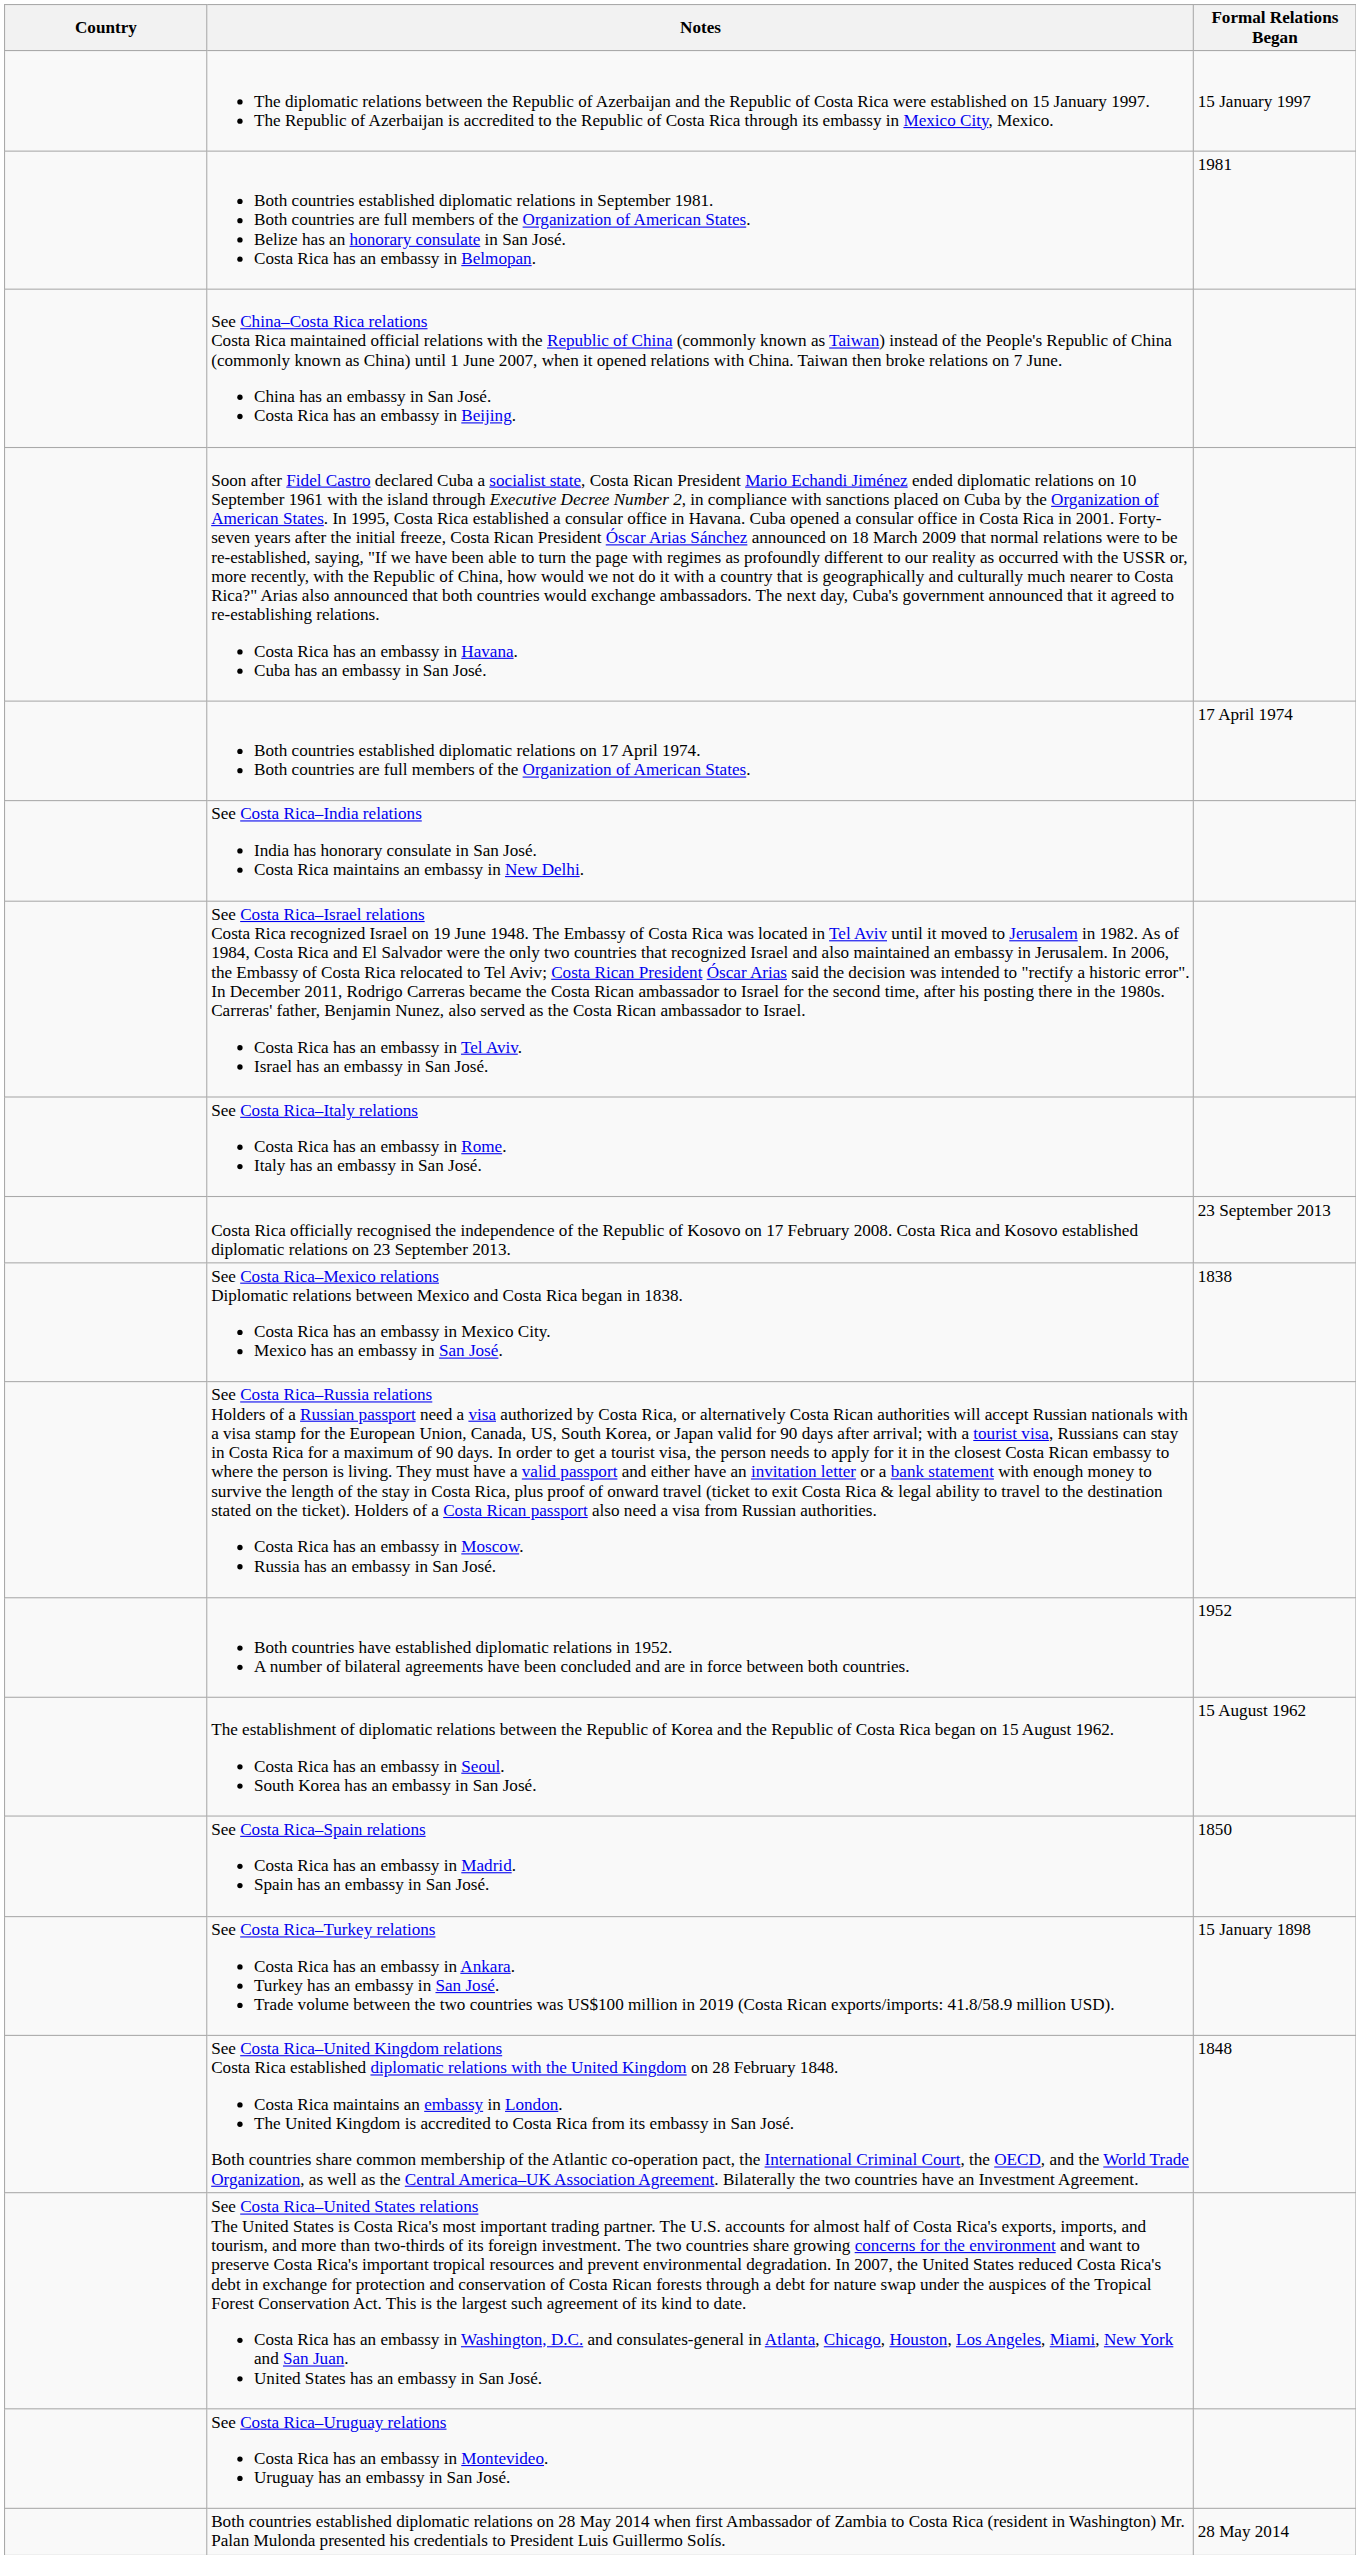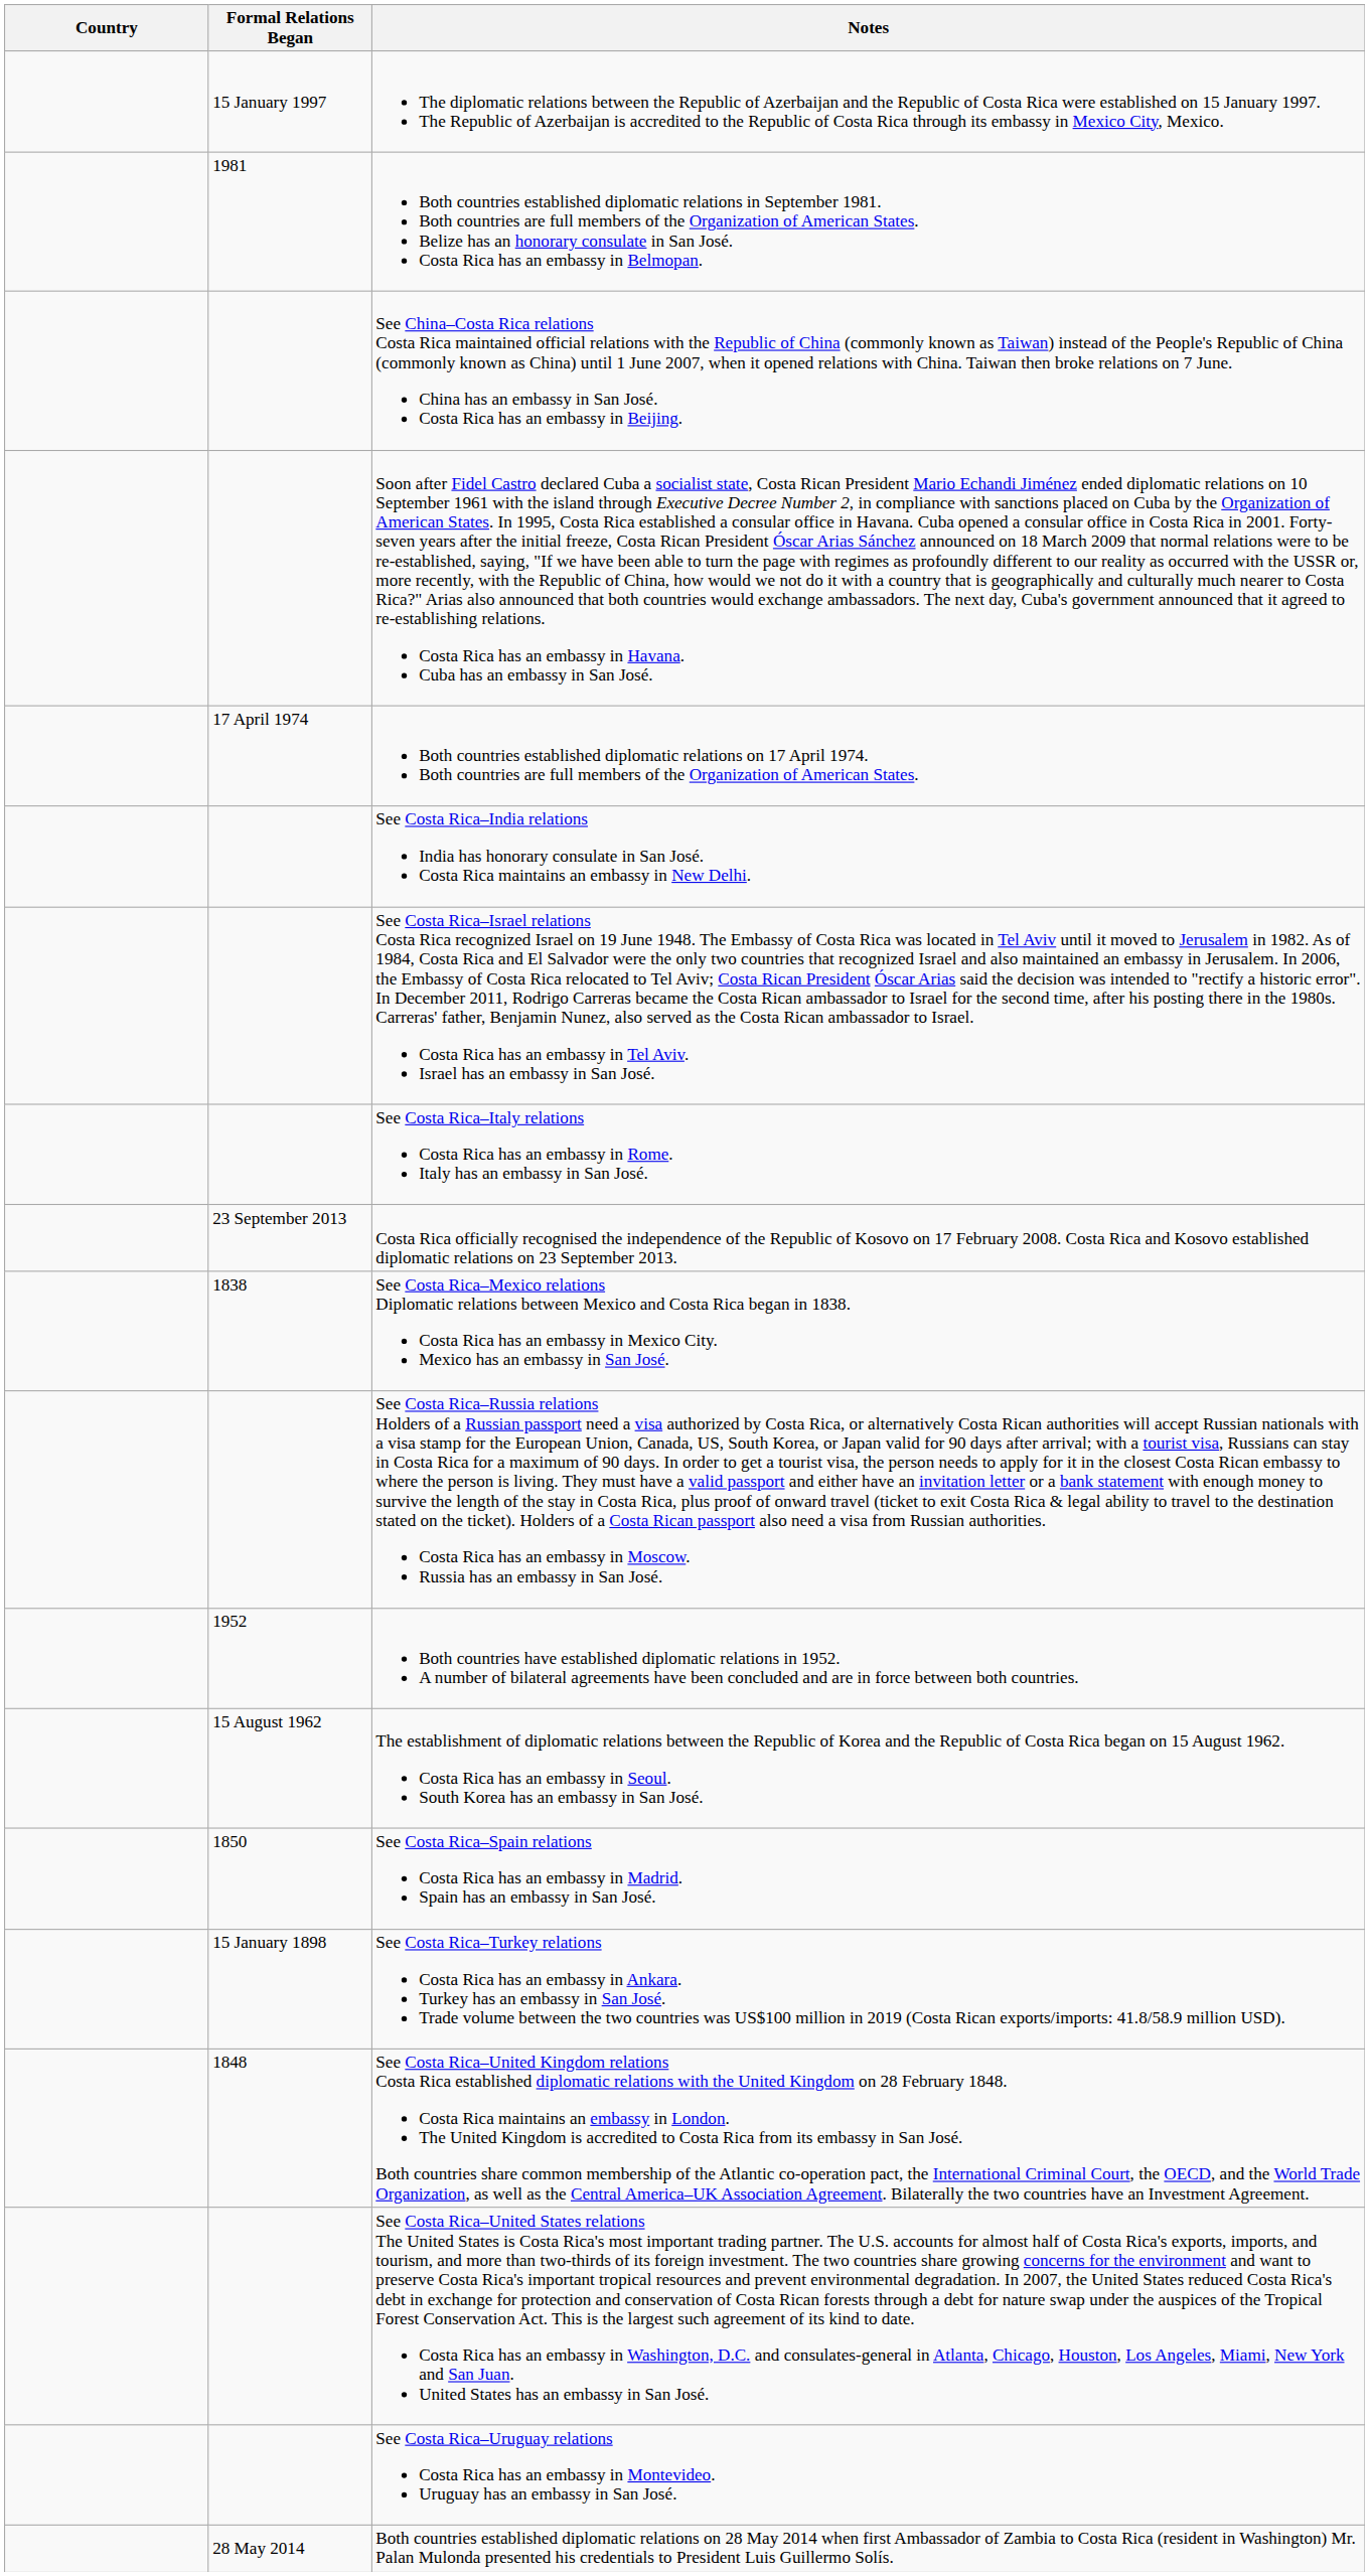 <table class="wikitable sortable" style="width:100%; margin:auto;">
 <tr>
 <th style="width:15%;">Country</th>
+<th style="width:12%;">Formal Relations Began</th>
 <th>Notes</th>
-<th style="width:12%;">Formal Relations Began</th>
 </tr>
 <tr>
 <td></td>
+<td>15 January 1997</td>
 <td><br><ul><li>The diplomatic relations between the Republic of Azerbaijan and the Republic of Costa Rica were established on 15 January 1997.</li><li>The Republic of Azerbaijan is accredited to the Republic of Costa Rica through its embassy in <a href='#'>Mexico City</a>, Mexico.</li></ul></td>
-<td>15 January 1997</td>
 </tr>
 <tr valign="top">
 <td></td>
+<td>1981</td>
 <td><br><ul><li>Both countries established diplomatic relations in September 1981.</li><li>Both countries are full members of the <a href='#'>Organization of American States</a>.</li><li>Belize has an <a href='#'>honorary consulate</a> in San José.</li><li>Costa Rica has an embassy in <a href='#'>Belmopan</a>.</li></ul></td>
-<td>1981</td>
 </tr>
 <tr valign="top">
 <td></td>
+<td></td>
 <td><br>See <a href='#'>China–Costa Rica relations</a><br>Costa Rica maintained official relations with the <a href='#'>Republic of China</a> (commonly known as <a href='#'>Taiwan</a>) instead of the People's Republic of China (commonly known as China) until 1 June 2007, when it opened relations with China. Taiwan then broke relations on 7 June.<ul><li>China has an embassy in San José.</li><li>Costa Rica has an embassy in <a href='#'>Beijing</a>.</li></ul></td>
-<td></td>
 </tr>
 <tr valign="top">
 <td></td>
+<td></td>
 <td><br>Soon after <a href='#'>Fidel Castro</a> declared Cuba a <a href='#'>socialist state</a>, Costa Rican President <a href='#'>Mario Echandi Jiménez</a> ended diplomatic relations on 10 September 1961 with the island through <em>Executive Decree Number 2</em>, in compliance with sanctions placed on Cuba by the <a href='#'>Organization of American States</a>. In 1995, Costa Rica established a consular office in Havana. Cuba opened a consular office in Costa Rica in 2001. Forty-seven years after the initial freeze, Costa Rican President <a href='#'>Óscar Arias Sánchez</a> announced on 18 March 2009 that normal relations were to be re-established, saying, "If we have been able to turn the page with regimes as profoundly different to our reality as occurred with the USSR or, more recently, with the Republic of China, how would we not do it with a country that is geographically and culturally much nearer to Costa Rica?" Arias also announced that both countries would exchange ambassadors. The next day, Cuba's government announced that it agreed to re-establishing relations.<ul><li>Costa Rica has an embassy in <a href='#'>Havana</a>.</li><li>Cuba has an embassy in San José.</li></ul></td>
-<td></td>
 </tr>
 <tr valign="top">
 <td></td>
+<td>17 April 1974</td>
 <td><br><ul><li>Both countries established diplomatic relations on 17 April 1974.</li><li>Both countries are full members of the <a href='#'>Organization of American States</a>.</li></ul></td>
-<td>17 April 1974</td>
 </tr>
 <tr valign="top">
 <td></td>
+<td></td>
 <td>See <a href='#'>Costa Rica–India relations</a><br><ul><li>India has honorary consulate in San José.</li><li>Costa Rica maintains an embassy in <a href='#'>New Delhi</a>.</li></ul></td>
-<td></td>
 </tr>
 <tr valign="top">
 <td></td>
+<td></td>
 <td>See <a href='#'>Costa Rica–Israel relations</a><br>Costa Rica recognized Israel on 19 June 1948. The Embassy of Costa Rica was located in <a href='#'>Tel Aviv</a> until it moved to <a href='#'>Jerusalem</a> in 1982. As of 1984, Costa Rica and El Salvador were the only two countries that recognized Israel and also maintained an embassy in Jerusalem. In 2006, the Embassy of Costa Rica relocated to Tel Aviv; <a href='#'>Costa Rican President</a> <a href='#'>Óscar Arias</a> said the decision was intended to "rectify a historic error".<br>In December 2011, Rodrigo Carreras became the Costa Rican ambassador to Israel for the second time, after his posting there in the 1980s. Carreras' father, Benjamin Nunez, also served as the Costa Rican ambassador to Israel.<ul><li>Costa Rica has an embassy in <a href='#'>Tel Aviv</a>.</li><li>Israel has an embassy in San José.</li></ul></td>
-<td></td>
 </tr>
 <tr valign="top">
 <td></td>
+<td></td>
 <td>See <a href='#'>Costa Rica–Italy relations</a><br><ul><li>Costa Rica has an embassy in <a href='#'>Rome</a>.</li><li>Italy has an embassy in San José.</li></ul></td>
-<td></td>
 </tr>
 <tr valign="top">
 <td></td>
+<td>23 September 2013</td>
 <td><br>Costa Rica officially recognised the independence of the Republic of Kosovo on 17 February 2008. Costa Rica and Kosovo established diplomatic relations on 23 September 2013.</td>
-<td>23 September 2013</td>
 </tr>
 <tr valign="top">
 <td></td>
+<td>1838</td>
 <td>See <a href='#'>Costa Rica–Mexico relations</a><br>Diplomatic relations between Mexico and Costa Rica began in 1838.<ul><li>Costa Rica has an embassy in Mexico City.</li><li>Mexico has an embassy in <a href='#'>San José</a>.</li></ul></td>
-<td>1838</td>
 </tr>
 <tr valign="top">
 <td></td>
+<td></td>
 <td>See <a href='#'>Costa Rica–Russia relations</a><br>Holders of a <a href='#'>Russian passport</a> need a <a href='#'>visa</a> authorized by Costa Rica, or alternatively Costa Rican authorities will accept Russian nationals with a visa stamp for the European Union, Canada, US, South Korea, or Japan valid for 90 days after arrival; with a <a href='#'>tourist visa</a>, Russians can stay in Costa Rica for a maximum of 90 days. In order to get a tourist visa, the person needs to apply for it in the closest Costa Rican embassy to where the person is living. They must have a <a href='#'>valid passport</a> and either have an <a href='#'>invitation letter</a> or a <a href='#'>bank statement</a> with enough money to survive the length of the stay in Costa Rica, plus proof of onward travel (ticket to exit Costa Rica & legal ability to travel to the destination stated on the ticket). Holders of a <a href='#'>Costa Rican passport</a> also need a visa from Russian authorities.<ul><li>Costa Rica has an embassy in <a href='#'>Moscow</a>.</li><li>Russia has an embassy in San José.</li></ul></td>
-<td></td>
 </tr>
 <tr valign="top">
 <td></td>
+<td>1952</td>
 <td><br><ul><li>Both countries have established diplomatic relations in 1952.</li><li>A number of bilateral agreements have been concluded and are in force between both countries.</li></ul></td>
-<td>1952</td>
 </tr>
 <tr valign="top">
 <td></td>
+<td>15 August 1962</td>
 <td><br>The establishment of diplomatic relations between the Republic of Korea and the Republic of Costa Rica began on 15 August 1962.<ul><li>Costa Rica has an embassy in <a href='#'>Seoul</a>.</li><li>South Korea has an embassy in San José.</li></ul></td>
-<td>15 August 1962</td>
 </tr>
 <tr valign="top">
 <td></td>
+<td>1850</td>
 <td>See <a href='#'>Costa Rica–Spain relations</a><br><ul><li>Costa Rica has an embassy in <a href='#'>Madrid</a>.</li><li>Spain has an embassy in San José.</li></ul></td>
-<td>1850</td>
 </tr>
 <tr valign="top">
 <td></td>
+<td>15 January 1898</td>
 <td>See <a href='#'>Costa Rica–Turkey relations</a><br><ul><li>Costa Rica has an embassy in <a href='#'>Ankara</a>.</li><li>Turkey has an embassy in <a href='#'>San José</a>.</li><li>Trade volume between the two countries was US$100 million in 2019 (Costa Rican exports/imports: 41.8/58.9 million USD).</li></ul></td>
-<td>15 January 1898</td>
 </tr>
 <tr valign="top">
 <td></td>
+<td>1848</td>
 <td>See <a href='#'>Costa Rica–United Kingdom relations</a><br>Costa Rica established <a href='#'>diplomatic relations with the United Kingdom</a> on 28 February 1848.<ul><li>Costa Rica maintains an <a href='#'>embassy</a> in <a href='#'>London</a>.</li><li>The United Kingdom is accredited to Costa Rica from its embassy in San José.</li></ul>Both countries share common membership of the Atlantic co-operation pact, the <a href='#'>International Criminal Court</a>, the <a href='#'>OECD</a>, and the <a href='#'>World Trade Organization</a>, as well as the <a href='#'>Central America–UK Association Agreement</a>. Bilaterally the two countries have an Investment Agreement.</td>
-<td>1848</td>
 </tr>
 <tr valign="top">
 <td></td>
+<td></td>
 <td>See <a href='#'>Costa Rica–United States relations</a><br>The United States is Costa Rica's most important trading partner. The U.S. accounts for almost half of Costa Rica's exports, imports, and tourism, and more than two-thirds of its foreign investment. The two countries share growing <a href='#'>concerns for the environment</a> and want to preserve Costa Rica's important tropical resources and prevent environmental degradation. In 2007, the United States reduced Costa Rica's debt in exchange for protection and conservation of Costa Rican forests through a debt for nature swap under the auspices of the Tropical Forest Conservation Act. This is the largest such agreement of its kind to date.<ul><li>Costa Rica has an embassy in <a href='#'>Washington, D.C.</a> and consulates-general in <a href='#'>Atlanta</a>, <a href='#'>Chicago</a>, <a href='#'>Houston</a>, <a href='#'>Los Angeles</a>, <a href='#'>Miami</a>, <a href='#'>New York</a> and <a href='#'>San Juan</a>.</li><li>United States has an embassy in San José.</li></ul></td>
-<td></td>
 </tr>
 <tr valign="top">
 <td></td>
+<td></td>
 <td>See <a href='#'>Costa Rica–Uruguay relations</a><br><ul><li>Costa Rica has an embassy in <a href='#'>Montevideo</a>.</li><li>Uruguay has an embassy in San José.</li></ul></td>
-<td></td>
 </tr>
 <tr>
 <td></td>
+<td>28 May 2014</td>
 <td>Both countries established diplomatic relations on 28 May 2014 when first Ambassador of Zambia to Costa Rica (resident in Washington) Mr. Palan Mulonda presented his credentials to President Luis Guillermo Solís.</td>
-<td>28 May 2014</td>
 </tr>
 </table>
